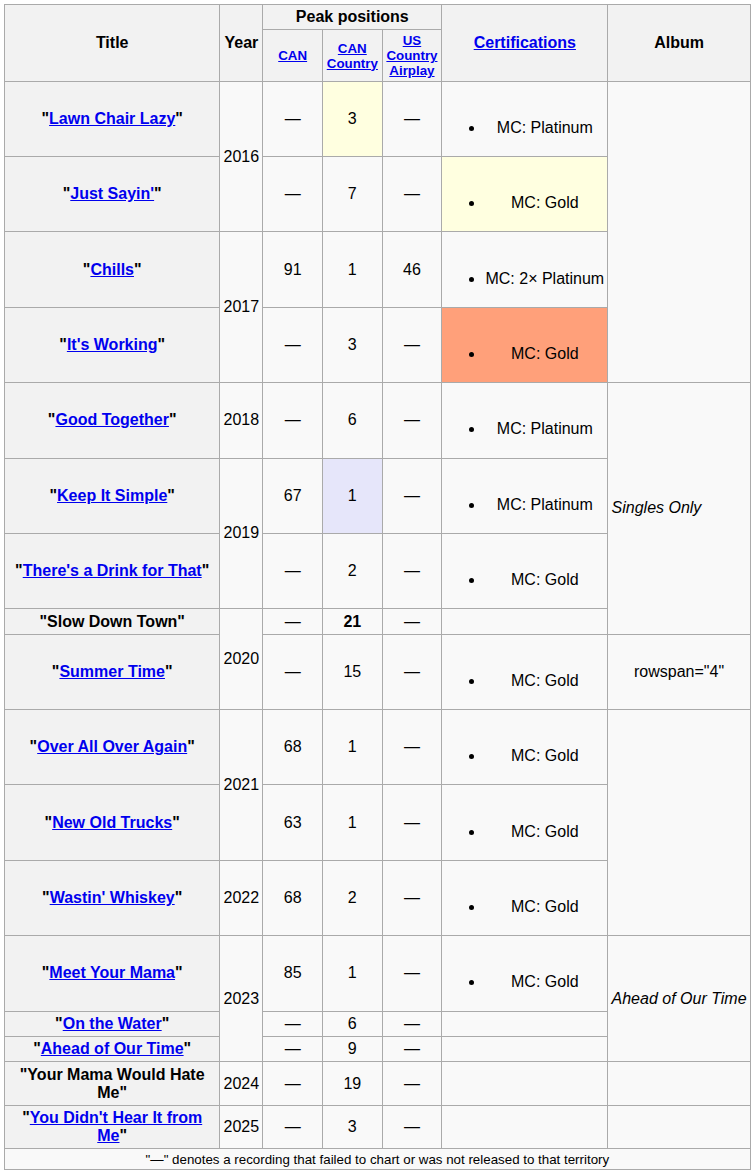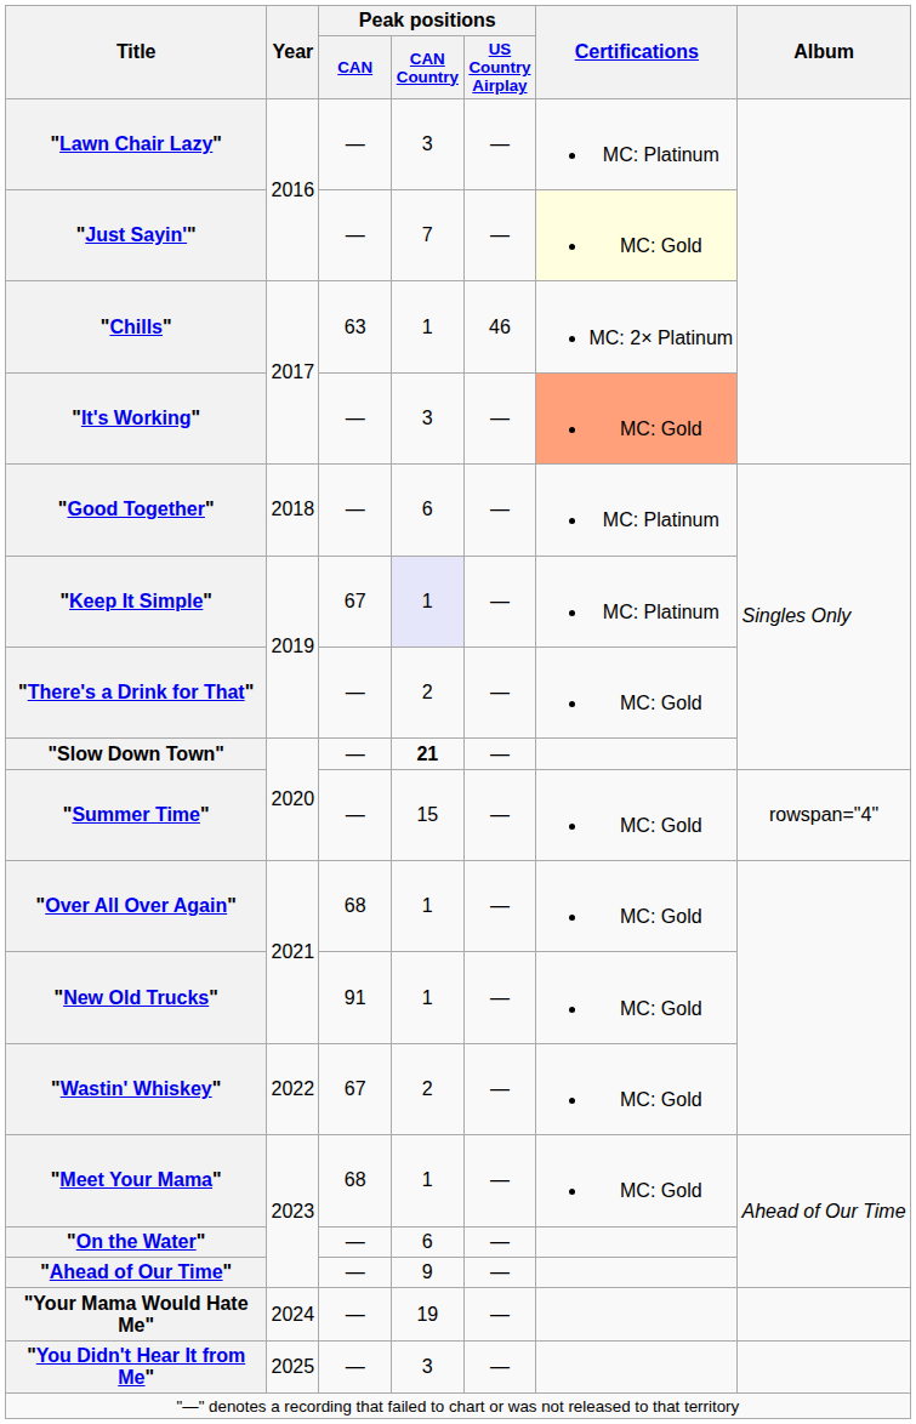 <table class="wikitable plainrowheaders" style="text-align:center;">
 <tr>
 <th scope="col" style="width: 13em;" rowspan="2">Title</th>
 <th scope="col" rowspan="2">Year</th>
 <th scope="col" colspan="3">Peak positions</th>
 <th scope="col" rowspan="2"><a href='#'>Certifications</a></th>
 <th scope="col" rowspan="2">Album</th>
 </tr>
 <tr style="font-size:smaller;">
 <th style="width:4em;"><a href='#'>CAN</a><br></th>
 <th style="width:4em;"><a href='#'>CAN Country</a><br></th>
 <th style="width:4em;"><a href='#'>US Country Airplay</a><br></th>
 </tr>
 <tr>
 <th scope="row">"<a href='#'>Lawn Chair Lazy</a>"</th>
 <td rowspan="2">2016</td>
 <td>—</td>
-<td style="background: lightyellow;">3</td>
+<td>3</td>
 <td>—</td>
 <td><br><ul><li>MC: Platinum</li></ul></td>
 <td rowspan="4" align="left"></td>
 </tr>
 <tr>
 <th scope="row">"<a href='#'>Just Sayin'</a>"</th>
 <td>—</td>
 <td>7</td>
 <td>—</td>
 <td style="background: lightyellow;"><br><ul><li>MC: Gold</li></ul></td>
 </tr>
 <tr>
 <th scope="row">"<a href='#'>Chills</a>"</th>
 <td rowspan="2">2017</td>
-<td>91</td>
+<td>63</td>
 <td>1</td>
 <td>46</td>
 <td><br><ul><li>MC: 2× Platinum</li></ul></td>
 </tr>
 <tr>
 <th scope="row">"<a href='#'>It's Working</a>"</th>
 <td>—</td>
 <td>3</td>
 <td>—</td>
 <td style="background: lightsalmon;"><br><ul><li>MC: Gold</li></ul></td>
 </tr>
 <tr>
 <th scope="row">"<a href='#'>Good Together</a>"</th>
 <td>2018</td>
 <td>—</td>
 <td>6</td>
 <td>—</td>
 <td><br><ul><li>MC: Platinum</li></ul></td>
 <td rowspan="4" align="left"><em>Singles Only</em></td>
 </tr>
 <tr>
 <th scope="row">"<a href='#'>Keep It Simple</a>"</th>
 <td rowspan="2">2019</td>
 <td>67</td>
 <td style="background: lavender;">1</td>
 <td>—</td>
 <td><br><ul><li>MC: Platinum</li></ul></td>
 </tr>
 <tr>
 <th scope="row">"<a href='#'>There's a Drink for That</a>"</th>
 <td>—</td>
 <td>2</td>
 <td>—</td>
 <td><br><ul><li>MC: Gold</li></ul></td>
 </tr>
 <tr>
 <th scope="row">"Slow Down Town"</th>
 <td rowspan="2">2020</td>
 <td>—</td>
 <td><strong>21</strong></td>
 <td>—</td>
 <td></td>
 </tr>
 <tr>
 <th scope="row">"<a href='#'>Summer Time</a>"</th>
 <td>—</td>
 <td>15</td>
 <td>—</td>
 <td><br><ul><li>MC: Gold</li></ul></td>
 <td>rowspan="4" </td>
 </tr>
 <tr>
 <th scope="row">"<a href='#'>Over All Over Again</a>"</th>
 <td rowspan="2">2021</td>
 <td>68</td>
 <td>1</td>
 <td>—</td>
 <td><br><ul><li>MC: Gold</li></ul></td>
 </tr>
 <tr>
 <th scope="row">"<a href='#'>New Old Trucks</a>"<br></th>
-<td>63</td>
+<td>91</td>
 <td>1</td>
 <td>—</td>
 <td><br><ul><li>MC: Gold</li></ul></td>
 </tr>
 <tr>
 <th scope="row">"<a href='#'>Wastin' Whiskey</a>"</th>
 <td>2022</td>
-<td>68</td>
+<td>67</td>
 <td>2</td>
 <td>—</td>
 <td><br><ul><li>MC: Gold</li></ul></td>
 </tr>
 <tr>
 <th scope="row">"<a href='#'>Meet Your Mama</a>"</th>
 <td rowspan="3">2023</td>
-<td>85</td>
+<td>68</td>
 <td>1</td>
 <td>—</td>
 <td><br><ul><li>MC: Gold</li></ul></td>
 <td rowspan="3" align="left"><em>Ahead of Our Time</em></td>
 </tr>
 <tr>
 <th scope="row">"<a href='#'>On the Water</a>"<br></th>
 <td>—</td>
 <td>6</td>
 <td>—</td>
 <td></td>
 </tr>
 <tr>
 <th scope="row">"<a href='#'>Ahead of Our Time</a>"</th>
 <td>—</td>
 <td>9</td>
 <td>—</td>
 <td></td>
 </tr>
 <tr>
 <th scope="row">"Your Mama Would Hate Me"<br></th>
 <td>2024</td>
 <td>—</td>
 <td>19</td>
 <td>—</td>
 <td></td>
 <td></td>
 </tr>
 <tr>
 <th scope="row">"<a href='#'>You Didn't Hear It from Me</a>"</th>
 <td>2025</td>
 <td>—</td>
 <td>3</td>
 <td>—</td>
 <td></td>
 <td></td>
 </tr>
 <tr>
 <td colspan="8" style="font-size:smaller;">"—" denotes a recording that failed to chart or was not released to that territory</td>
 </tr>
 </table>
